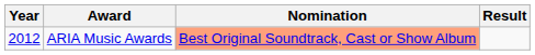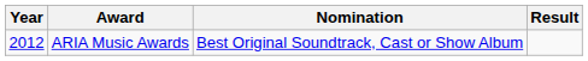 <table class="wikitable">
 <tr>
 <th>Year</th>
 <th>Award</th>
 <th>Nomination</th>
 <th>Result</th>
 </tr>
 <tr>
 <td rowspan="4"><a href='#'>2012</a></td>
 <td><a href='#'>ARIA Music Awards</a></td>
-<td style="background: lightsalmon;"><a href='#'>Best Original Soundtrack, Cast or Show Album</a></td>
+<td><a href='#'>Best Original Soundtrack, Cast or Show Album</a></td>
 <td></td>
 </tr>
 </table>
